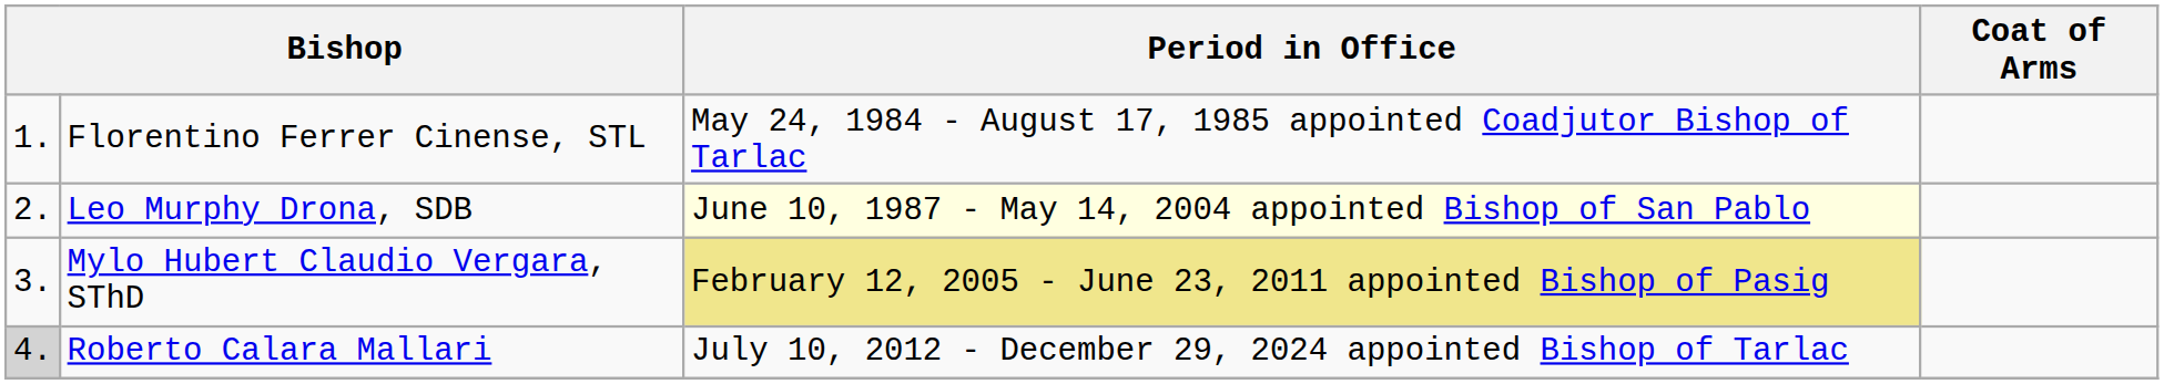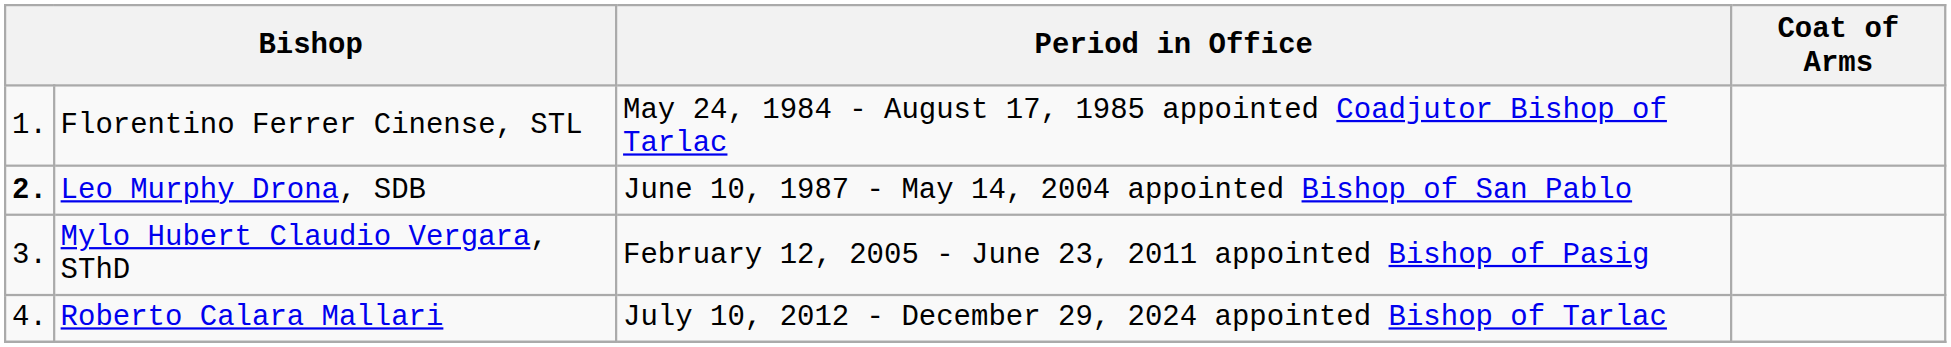 <table class="wikitable">
 <tr>
 <th colspan=2>Bishop</th>
 <th>Period in Office</th>
 <th>Coat of Arms</th>
 </tr>
 <tr>
 <td>1.</td>
 <td>Florentino Ferrer Cinense, STL</td>
 <td>May 24, 1984 - August 17, 1985 appointed <a href='#'>Coadjutor Bishop of Tarlac</a></td>
 <td><br></td>
 </tr>
 <tr>
-<td>2.</td>
+<td><strong>2.</strong></td>
 <td><a href='#'>Leo Murphy Drona</a>, SDB</td>
-<td style="background: lightyellow;">June 10, 1987 - May 14, 2004 appointed <a href='#'>Bishop of San Pablo</a></td>
+<td>June 10, 1987 - May 14, 2004 appointed <a href='#'>Bishop of San Pablo</a></td>
 <td></td>
 </tr>
 <tr>
 <td>3.</td>
 <td><a href='#'>Mylo Hubert Claudio Vergara</a>, SThD</td>
-<td style="background: khaki;">February 12, 2005 - June 23, 2011 appointed <a href='#'>Bishop of Pasig</a></td>
+<td>February 12, 2005 - June 23, 2011 appointed <a href='#'>Bishop of Pasig</a></td>
 <td></td>
 </tr>
 <tr>
-<td style="background: lightgrey;">4.</td>
+<td>4.</td>
 <td><a href='#'>Roberto Calara Mallari</a></td>
 <td>July 10, 2012 - December 29, 2024 appointed <a href='#'>Bishop of Tarlac</a></td>
 <td></td>
 </tr>
 <tr>
 </tr>
 </table>
